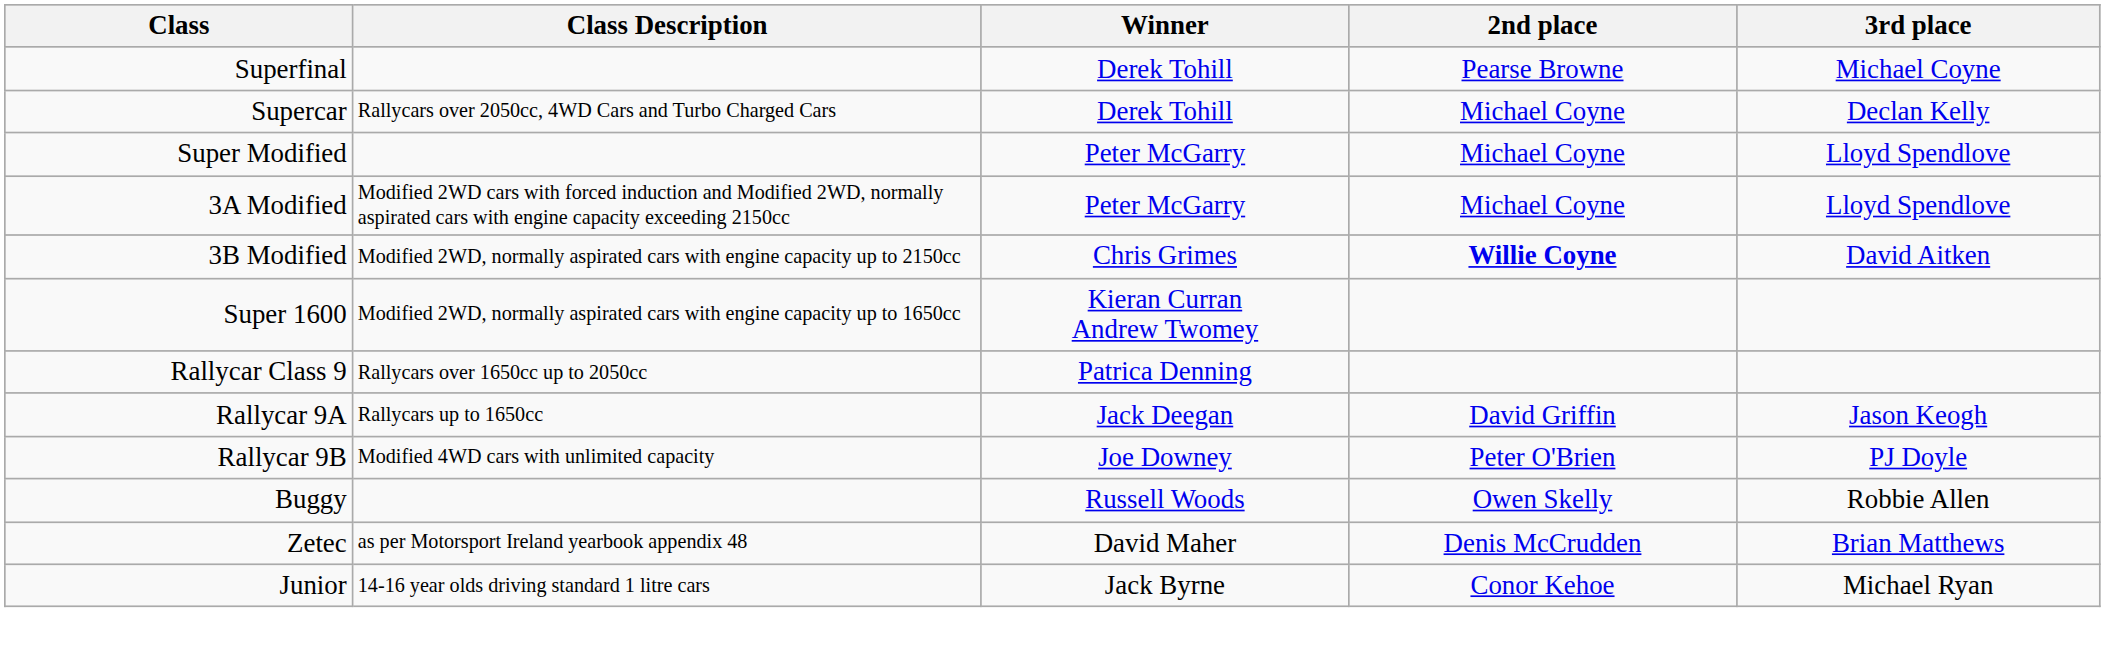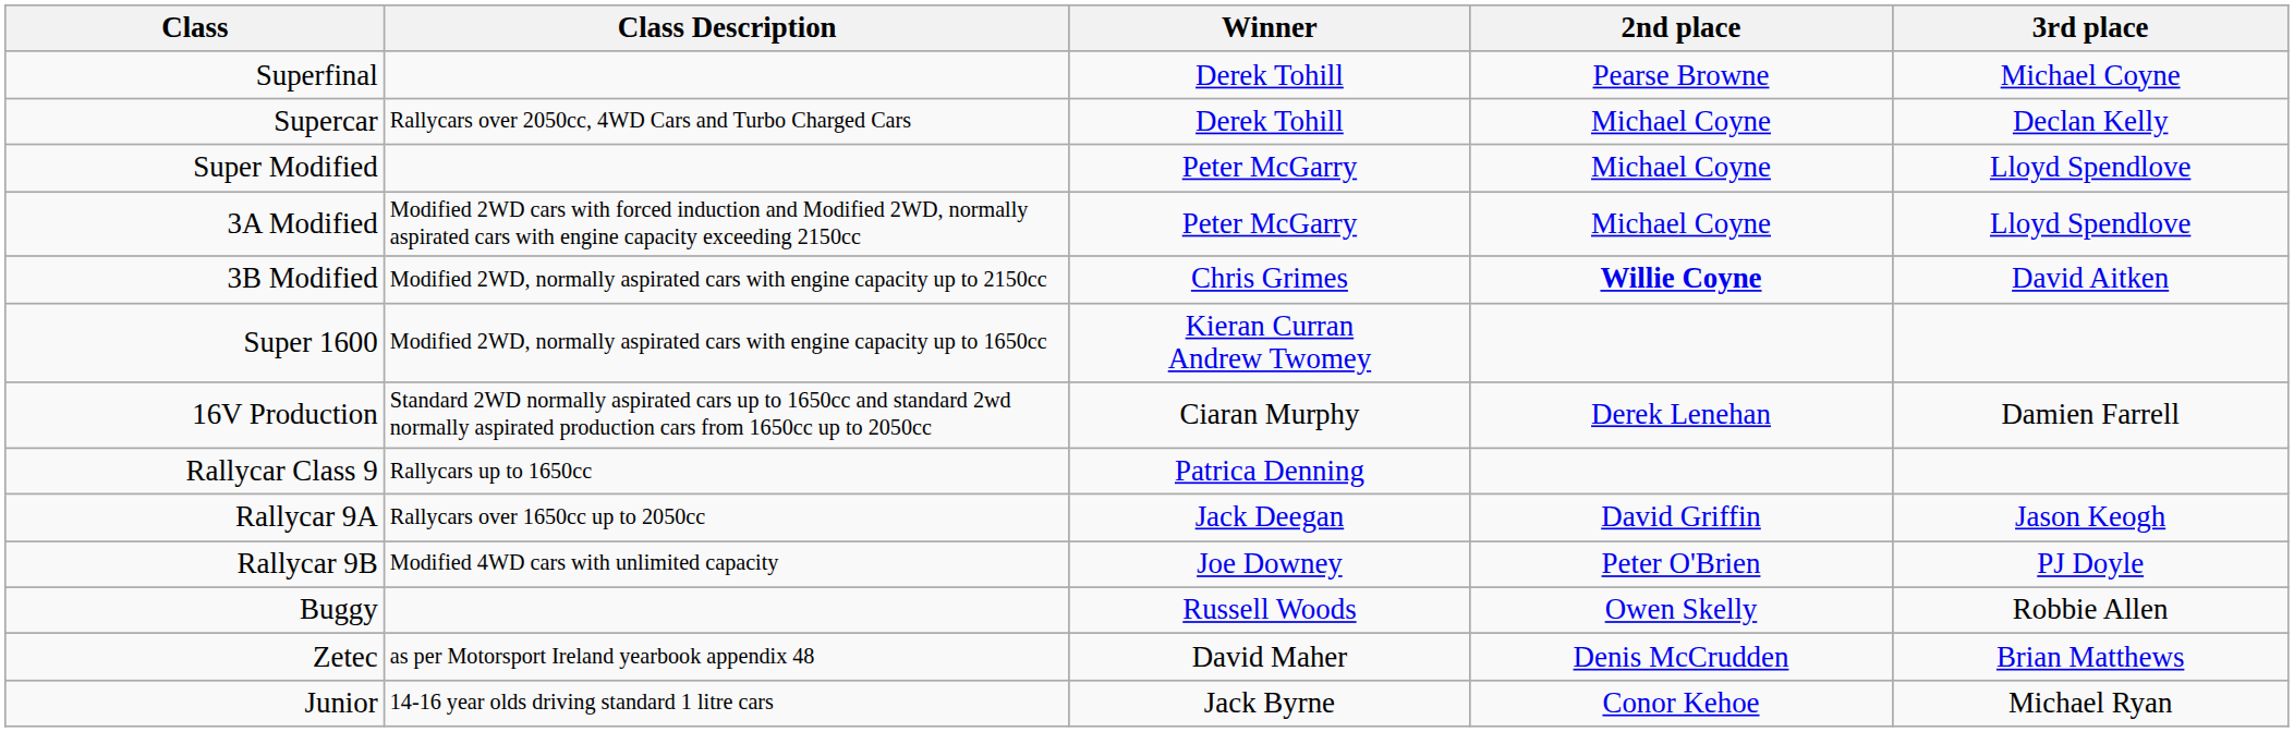 <table class="wikitable" style="text–align:centre">
 <tr>
 <th>Class</th>
 <th style="width:30%;">Class Description</th>
 <th>Winner</th>
 <th>2nd place</th>
 <th>3rd place</th>
 </tr>
 <tr>
 <td align="right">Superfinal</td>
 <td style="font-size:75%;"></td>
 <td align="center"><a href='#'>Derek Tohill</a></td>
 <td align="center"><a href='#'>Pearse Browne</a></td>
 <td align="center"><a href='#'>Michael Coyne</a></td>
 </tr>
 <tr>
 <td align="right">Supercar</td>
 <td style="font-size:75%;">Rallycars over 2050cc, 4WD Cars and Turbo Charged Cars</td>
 <td align="center"><a href='#'>Derek Tohill</a></td>
 <td align="center"><a href='#'>Michael Coyne</a></td>
 <td align="center"><a href='#'>Declan Kelly</a></td>
 </tr>
 <tr>
 <td align="right">Super Modified</td>
 <td style="font-size:75%;"></td>
 <td align="center"><a href='#'>Peter McGarry</a></td>
 <td align="center"><a href='#'>Michael Coyne</a></td>
 <td align="center"><a href='#'>Lloyd Spendlove</a></td>
 </tr>
 <tr>
 <td align="right">3A Modified</td>
 <td style="font-size:75%;">Modified 2WD cars with forced induction and Modified 2WD, normally aspirated cars with engine capacity exceeding 2150cc</td>
 <td align="center"><a href='#'>Peter McGarry</a></td>
 <td align="center"><a href='#'>Michael Coyne</a></td>
 <td align="center"><a href='#'>Lloyd Spendlove</a></td>
 </tr>
 <tr>
 <td align="right">3B Modified</td>
 <td style="font-size:75%;">Modified 2WD, normally aspirated cars with engine capacity up to 2150cc</td>
 <td align="center"><a href='#'>Chris Grimes</a></td>
 <td align="center"><strong><a href='#'>Willie Coyne</a></strong></td>
 <td align="center"><a href='#'>David Aitken</a></td>
 </tr>
 <tr>
 <td align="right">Super 1600</td>
 <td style="font-size:75%;">Modified 2WD, normally aspirated cars with engine capacity up to 1650cc</td>
 <td align="center"><a href='#'>Kieran Curran</a> <br> <a href='#'>Andrew Twomey</a></td>
 <td></td>
 <td></td>
 </tr>
 <tr>
+<td align="right">16V Production</td>
+<td style="font-size:75%;">Standard 2WD normally aspirated cars up to 1650cc and standard 2wd normally aspirated production cars from 1650cc up to 2050cc</td>
+<td align="center">Ciaran Murphy</td>
+<td align="center"><a href='#'>Derek Lenehan</a></td>
+<td align="center">Damien Farrell</td>
+</tr>
+<tr>
 <td align="right">Rallycar Class 9</td>
-<td style="font-size:75%;">Rallycars over 1650cc up to 2050cc</td>
+<td style="font-size:75%;">Rallycars up to 1650cc</td>
 <td align="center"><a href='#'>Patrica Denning</a></td>
 <td></td>
 <td></td>
 </tr>
 <tr>
 <td align="right">Rallycar 9A</td>
-<td style="font-size:75%;">Rallycars up to 1650cc</td>
+<td style="font-size:75%;">Rallycars over 1650cc up to 2050cc</td>
 <td align="center"><a href='#'>Jack Deegan</a></td>
 <td align="center"><a href='#'>David Griffin</a></td>
 <td align="center"><a href='#'>Jason Keogh</a></td>
 </tr>
 <tr>
 <td align="right">Rallycar 9B</td>
 <td style="font-size:75%;">Modified 4WD cars with unlimited capacity</td>
 <td align="center"><a href='#'>Joe Downey</a></td>
 <td align="center"><a href='#'>Peter O'Brien</a></td>
 <td align="center"><a href='#'>PJ Doyle</a></td>
 </tr>
 <tr>
 <td align="right">Buggy</td>
 <td style="font-size:75%;"></td>
 <td align="center"><a href='#'>Russell Woods</a></td>
 <td align="center"><a href='#'>Owen Skelly</a></td>
 <td align="center">Robbie Allen</td>
 </tr>
 <tr>
 <td align="right">Zetec</td>
 <td style="font-size:75%;">as per Motorsport Ireland yearbook appendix 48</td>
 <td align="center">David Maher</td>
 <td align="center"><a href='#'>Denis McCrudden</a></td>
 <td align="center"><a href='#'>Brian Matthews</a></td>
 </tr>
 <tr>
 <td align="right">Junior</td>
 <td style="font-size:75%;">14-16 year olds driving standard 1 litre cars</td>
 <td align="center">Jack Byrne</td>
 <td align="center"><a href='#'>Conor Kehoe</a></td>
 <td align="center">Michael Ryan</td>
 </tr>
 </table>
